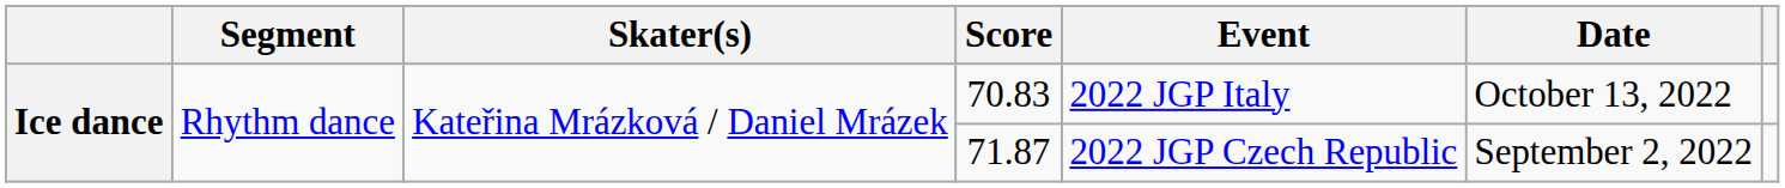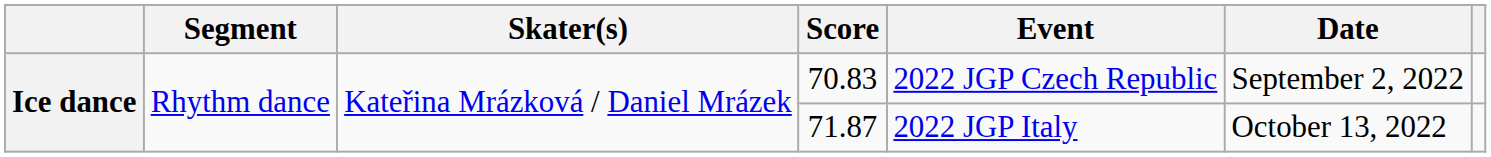 <table class="wikitable unsortable" style="text-align:left">
 <tr>
 <th scope="col"></th>
 <th scope="col">Segment</th>
 <th scope="col">Skater(s)</th>
 <th scope="col">Score</th>
 <th scope="col">Event</th>
 <th scope="col">Date</th>
 <th scope="col"></th>
 </tr>
 <tr>
 <th rowspan=2 style="text-align:left" scope="row">Ice dance</th>
 <td rowspan=2><a href='#'>Rhythm dance</a></td>
 <td rowspan=2> <a href='#'>Kateřina Mrázková</a> / <a href='#'>Daniel Mrázek</a></td>
 <td style="text-align:center">70.83</td>
+<td><a href='#'>2022 JGP Czech Republic</a></td>
+<td>September 2, 2022</td>
+<td></td>
+</tr>
+<tr>
+<td style="text-align:center">71.87</td>
 <td><a href='#'>2022 JGP Italy</a></td>
 <td>October 13, 2022</td>
 <td></td>
 </tr>
-<tr>
-<td style="text-align:center">71.87</td>
-<td><a href='#'>2022 JGP Czech Republic</a></td>
-<td>September 2, 2022</td>
-<td></td>
-</tr>
 </table>
